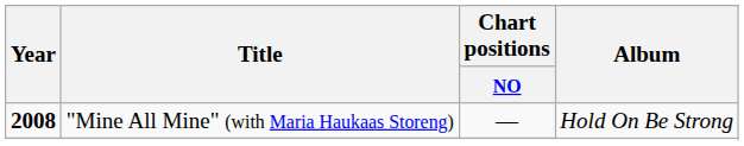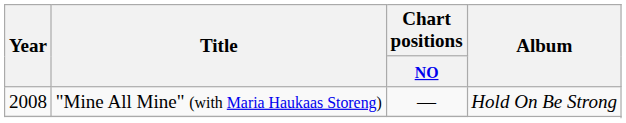 <table class="wikitable">
 <tr>
 <th rowspan="2">Year</th>
 <th rowspan="2">Title</th>
 <th colspan="1">Chart positions</th>
 <th rowspan="2">Album</th>
 </tr>
 <tr>
 <th width="50"><small><a href='#'>NO</a></small></th>
 </tr>
 <tr>
-<td rowspan="1"><strong>2008</strong></td>
+<td rowspan="1">2008</td>
 <td>"Mine All Mine" <small>(with <a href='#'>Maria Haukaas Storeng</a>)</small></td>
 <td align="center">—</td>
 <td rowspan="3"><em>Hold On Be Strong</em></td>
 </tr>
 <tr>
 </tr>
 </table>
